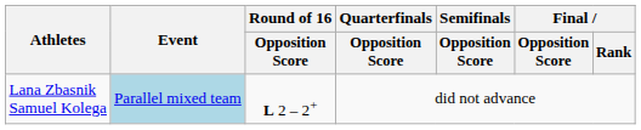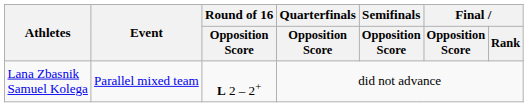 <table class="wikitable" style="font-size:90%">
 <tr>
 <th rowspan="2">Athletes</th>
 <th rowspan="2">Event</th>
 <th>Round of 16</th>
 <th>Quarterfinals</th>
 <th>Semifinals</th>
 <th colspan="2">Final / </th>
 </tr>
 <tr style="font-size:95%">
 <th>Opposition<br>Score</th>
 <th>Opposition<br>Score</th>
 <th>Opposition<br>Score</th>
 <th>Opposition<br>Score</th>
 <th>Rank</th>
 </tr>
 <tr align=center>
 <td align=left><a href='#'>Lana Zbasnik</a><br><a href='#'>Samuel Kolega</a></td>
-<td align=left style="background: lightblue;"><a href='#'>Parallel mixed team</a></td>
+<td align=left><a href='#'>Parallel mixed team</a></td>
 <td><br><strong>L</strong> 2 – 2<sup>+</sup></td>
 <td colspan=4>did not advance</td>
 </tr>
 </table>
